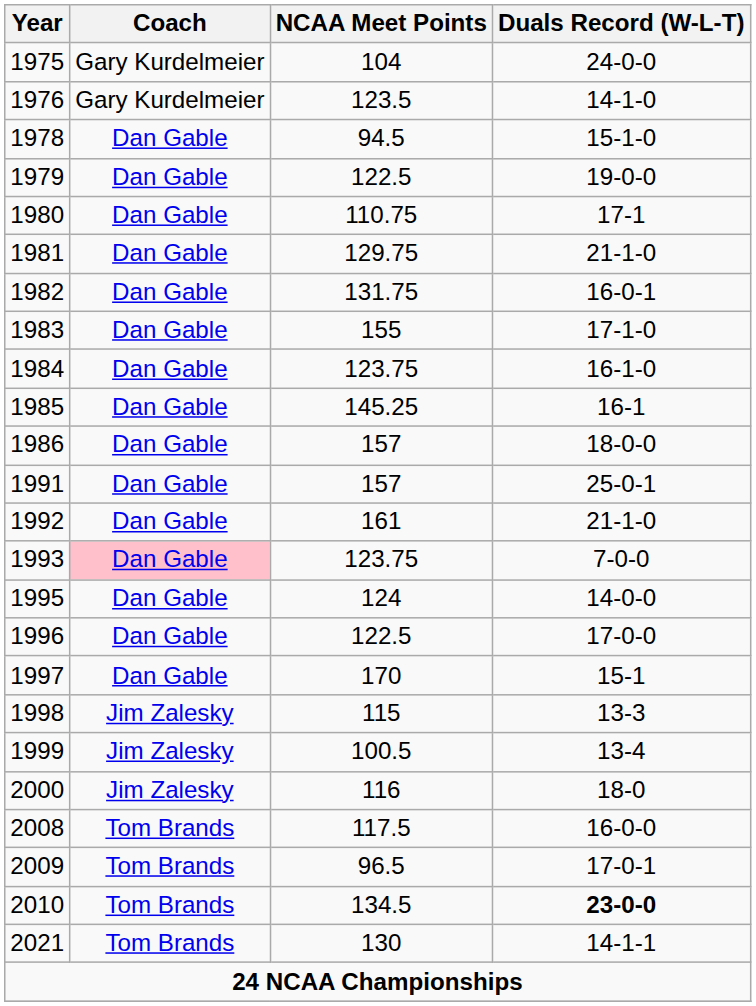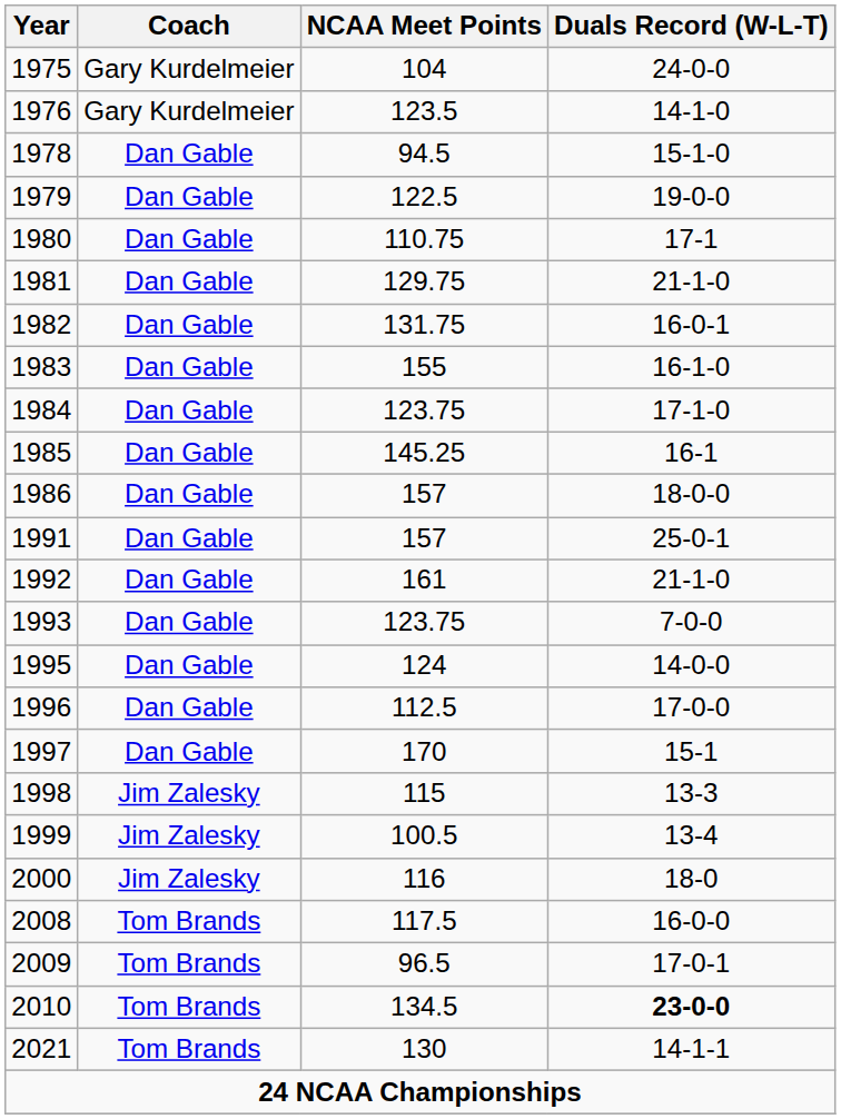 <table class="wikitable" style="text-align:center; padding:2px">
 <tr>
 <th>Year</th>
 <th>Coach</th>
 <th>NCAA Meet Points</th>
 <th>Duals Record (W-L-T)</th>
 </tr>
 <tr>
 <td>1975</td>
 <td>Gary Kurdelmeier</td>
 <td>104</td>
 <td>24-0-0</td>
 </tr>
 <tr>
 <td>1976</td>
 <td>Gary Kurdelmeier</td>
 <td>123.5</td>
 <td>14-1-0</td>
 </tr>
 <tr>
 <td>1978</td>
 <td><a href='#'>Dan Gable</a></td>
 <td>94.5</td>
 <td>15-1-0</td>
 </tr>
 <tr>
 <td>1979</td>
 <td><a href='#'>Dan Gable</a></td>
 <td>122.5</td>
 <td>19-0-0</td>
 </tr>
 <tr>
 <td>1980</td>
 <td><a href='#'>Dan Gable</a></td>
 <td>110.75</td>
 <td>17-1</td>
 </tr>
 <tr>
 <td>1981</td>
 <td><a href='#'>Dan Gable</a></td>
 <td>129.75</td>
 <td>21-1-0</td>
 </tr>
 <tr>
 <td>1982</td>
 <td><a href='#'>Dan Gable</a></td>
 <td>131.75</td>
 <td>16-0-1</td>
 </tr>
 <tr>
 <td>1983</td>
 <td><a href='#'>Dan Gable</a></td>
 <td>155</td>
-<td>17-1-0</td>
+<td>16-1-0</td>
 </tr>
 <tr>
 <td>1984</td>
 <td><a href='#'>Dan Gable</a></td>
 <td>123.75</td>
-<td>16-1-0</td>
+<td>17-1-0</td>
 </tr>
 <tr>
 <td>1985</td>
 <td><a href='#'>Dan Gable</a></td>
 <td>145.25</td>
 <td>16-1</td>
 </tr>
 <tr>
 <td>1986</td>
 <td><a href='#'>Dan Gable</a></td>
 <td>157</td>
 <td>18-0-0</td>
 </tr>
 <tr>
 <td>1991</td>
 <td><a href='#'>Dan Gable</a></td>
 <td>157</td>
 <td>25-0-1</td>
 </tr>
 <tr>
 <td>1992</td>
 <td><a href='#'>Dan Gable</a></td>
 <td>161</td>
 <td>21-1-0</td>
 </tr>
 <tr>
 <td>1993</td>
-<td style="background: pink;"><a href='#'>Dan Gable</a></td>
+<td><a href='#'>Dan Gable</a></td>
 <td>123.75</td>
 <td>7-0-0</td>
 </tr>
 <tr>
 <td>1995</td>
 <td><a href='#'>Dan Gable</a></td>
 <td>124</td>
 <td>14-0-0</td>
 </tr>
 <tr>
 <td>1996</td>
 <td><a href='#'>Dan Gable</a></td>
-<td>122.5</td>
+<td>112.5</td>
 <td>17-0-0</td>
 </tr>
 <tr>
 <td>1997</td>
 <td><a href='#'>Dan Gable</a></td>
 <td>170</td>
 <td>15-1</td>
 </tr>
 <tr>
 <td>1998</td>
 <td><a href='#'>Jim Zalesky</a></td>
 <td>115</td>
 <td>13-3</td>
 </tr>
 <tr>
 <td>1999</td>
 <td><a href='#'>Jim Zalesky</a></td>
 <td>100.5</td>
 <td>13-4</td>
 </tr>
 <tr>
 <td>2000</td>
 <td><a href='#'>Jim Zalesky</a></td>
 <td>116</td>
 <td>18-0</td>
 </tr>
 <tr>
 <td>2008</td>
 <td><a href='#'>Tom Brands</a></td>
 <td>117.5</td>
 <td>16-0-0</td>
 </tr>
 <tr>
 <td>2009</td>
 <td><a href='#'>Tom Brands</a></td>
 <td>96.5</td>
 <td>17-0-1</td>
 </tr>
 <tr>
 <td>2010</td>
 <td><a href='#'>Tom Brands</a></td>
 <td>134.5</td>
 <td><strong>23-0-0</strong></td>
 </tr>
 <tr>
 <td>2021</td>
 <td><a href='#'>Tom Brands</a></td>
 <td>130</td>
 <td>14-1-1</td>
 </tr>
 <tr>
 <td colspan="6"><strong>24 NCAA Championships</strong></td>
 </tr>
 <tr>
 </tr>
 </table>
